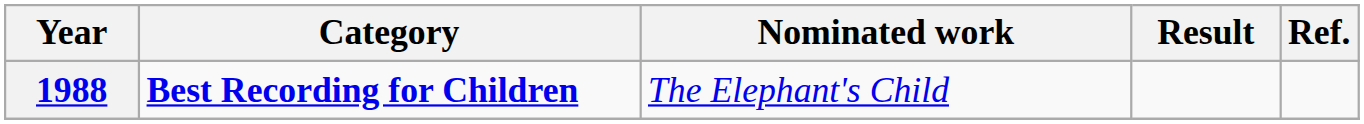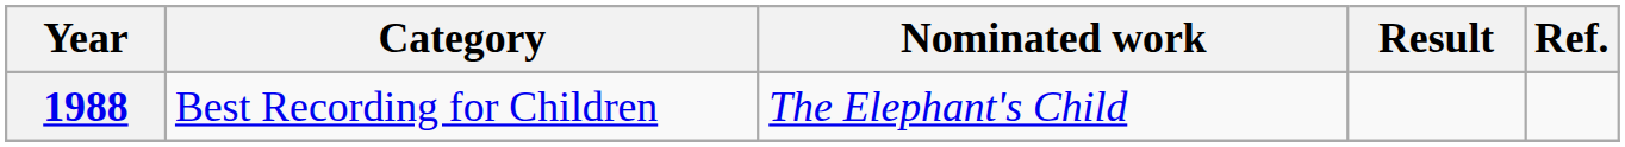 <table class=wikitable>
 <tr>
 <th scope="col" style="width:5em;">Year</th>
 <th scope="col" style="width:26em;">Category</th>
 <th scope="col" style="width:25em;">Nominated work</th>
 <th scope="col" style="width:5em;">Result</th>
 <th>Ref.</th>
 </tr>
 <tr>
 <th scope="row", style="text-align:center;"><a href='#'>1988</a></th>
-<td><strong><a href='#'>Best Recording for Children</a></strong></td>
+<td><a href='#'>Best Recording for Children</a></td>
 <td><em><a href='#'>The Elephant's Child</a></em></td>
 <td></td>
 <td style="text-align:center;"></td>
 </tr>
 <tr>
 </tr>
 </table>
